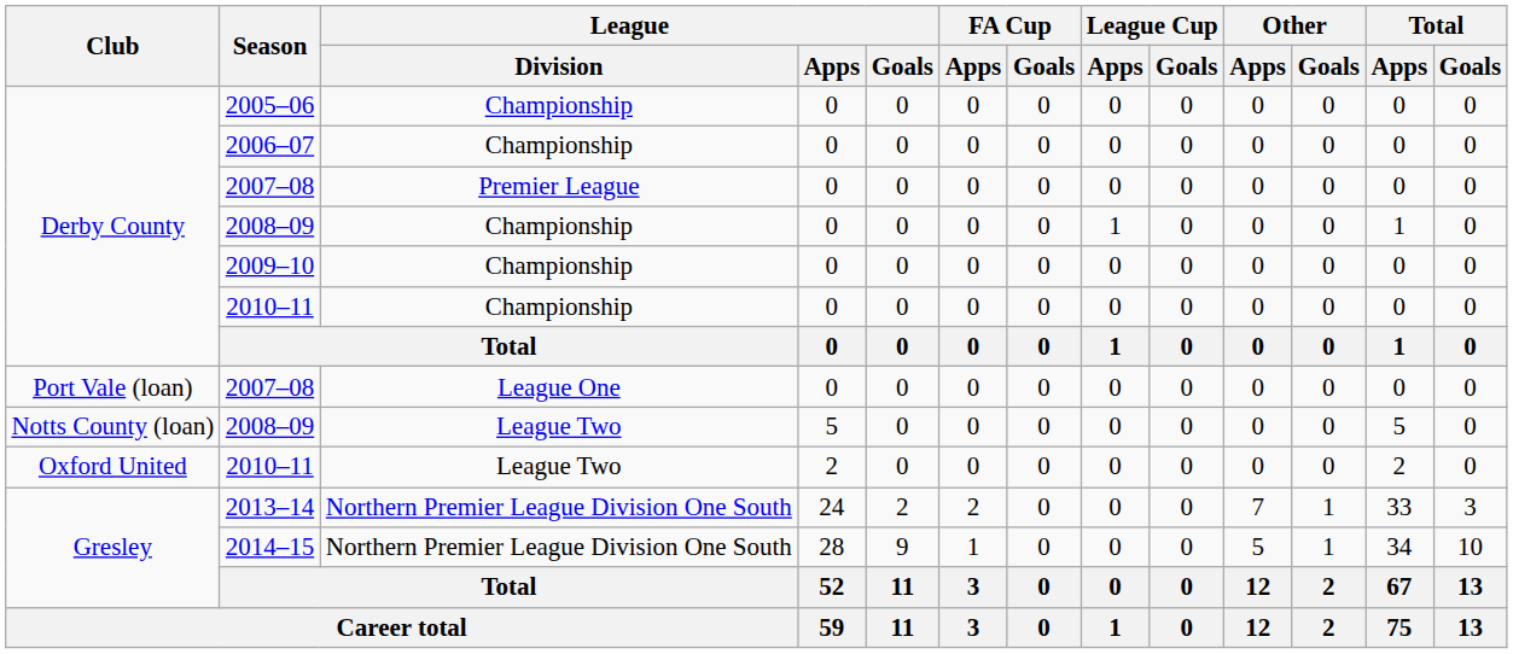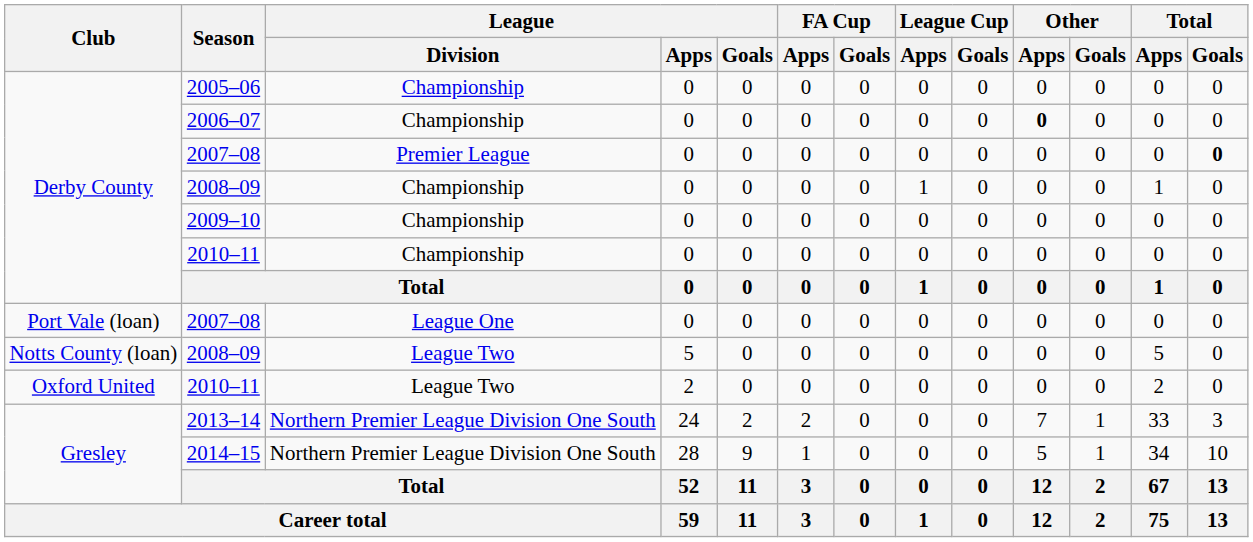 <table class="wikitable" style="text-align:center">
 <tr>
 <th rowspan="2">Club</th>
 <th rowspan="2">Season</th>
 <th colspan="3">League</th>
 <th colspan="2">FA Cup</th>
 <th colspan="2">League Cup</th>
 <th colspan="2">Other</th>
 <th colspan="2">Total</th>
 </tr>
 <tr>
 <th>Division</th>
 <th>Apps</th>
 <th>Goals</th>
 <th>Apps</th>
 <th>Goals</th>
 <th>Apps</th>
 <th>Goals</th>
 <th>Apps</th>
 <th>Goals</th>
 <th>Apps</th>
 <th>Goals</th>
 </tr>
 <tr>
 <td rowspan="7"><a href='#'>Derby County</a></td>
 <td><a href='#'>2005–06</a></td>
 <td><a href='#'>Championship</a></td>
 <td>0</td>
 <td>0</td>
 <td>0</td>
 <td>0</td>
 <td>0</td>
 <td>0</td>
 <td>0</td>
 <td>0</td>
 <td>0</td>
 <td>0</td>
 </tr>
 <tr>
 <td><a href='#'>2006–07</a></td>
 <td>Championship</td>
 <td>0</td>
 <td>0</td>
 <td>0</td>
 <td>0</td>
 <td>0</td>
 <td>0</td>
-<td>0</td>
+<td><strong>0</strong></td>
 <td>0</td>
 <td>0</td>
 <td>0</td>
 </tr>
 <tr>
 <td><a href='#'>2007–08</a></td>
 <td><a href='#'>Premier League</a></td>
 <td>0</td>
 <td>0</td>
 <td>0</td>
 <td>0</td>
 <td>0</td>
 <td>0</td>
 <td>0</td>
 <td>0</td>
 <td>0</td>
-<td>0</td>
+<td><strong>0</strong></td>
 </tr>
 <tr>
 <td><a href='#'>2008–09</a></td>
 <td>Championship</td>
 <td>0</td>
 <td>0</td>
 <td>0</td>
 <td>0</td>
 <td>1</td>
 <td>0</td>
 <td>0</td>
 <td>0</td>
 <td>1</td>
 <td>0</td>
 </tr>
 <tr>
 <td><a href='#'>2009–10</a></td>
 <td>Championship</td>
 <td>0</td>
 <td>0</td>
 <td>0</td>
 <td>0</td>
 <td>0</td>
 <td>0</td>
 <td>0</td>
 <td>0</td>
 <td>0</td>
 <td>0</td>
 </tr>
 <tr>
 <td><a href='#'>2010–11</a></td>
 <td>Championship</td>
 <td>0</td>
 <td>0</td>
 <td>0</td>
 <td>0</td>
 <td>0</td>
 <td>0</td>
 <td>0</td>
 <td>0</td>
 <td>0</td>
 <td>0</td>
 </tr>
 <tr>
 <th colspan="2">Total</th>
 <th>0</th>
 <th>0</th>
 <th>0</th>
 <th>0</th>
 <th>1</th>
 <th>0</th>
 <th>0</th>
 <th>0</th>
 <th>1</th>
 <th>0</th>
 </tr>
 <tr>
 <td><a href='#'>Port Vale</a> (loan)</td>
 <td><a href='#'>2007–08</a></td>
 <td><a href='#'>League One</a></td>
 <td>0</td>
 <td>0</td>
 <td>0</td>
 <td>0</td>
 <td>0</td>
 <td>0</td>
 <td>0</td>
 <td>0</td>
 <td>0</td>
 <td>0</td>
 </tr>
 <tr>
 <td><a href='#'>Notts County</a> (loan)</td>
 <td><a href='#'>2008–09</a></td>
 <td><a href='#'>League Two</a></td>
 <td>5</td>
 <td>0</td>
 <td>0</td>
 <td>0</td>
 <td>0</td>
 <td>0</td>
 <td>0</td>
 <td>0</td>
 <td>5</td>
 <td>0</td>
 </tr>
 <tr>
 <td><a href='#'>Oxford United</a></td>
 <td><a href='#'>2010–11</a></td>
 <td>League Two</td>
 <td>2</td>
 <td>0</td>
 <td>0</td>
 <td>0</td>
 <td>0</td>
 <td>0</td>
 <td>0</td>
 <td>0</td>
 <td>2</td>
 <td>0</td>
 </tr>
 <tr>
 <td rowspan="3"><a href='#'>Gresley</a></td>
 <td><a href='#'>2013–14</a></td>
 <td><a href='#'>Northern Premier League Division One South</a></td>
 <td>24</td>
 <td>2</td>
 <td>2</td>
 <td>0</td>
 <td>0</td>
 <td>0</td>
 <td>7</td>
 <td>1</td>
 <td>33</td>
 <td>3</td>
 </tr>
 <tr>
 <td><a href='#'>2014–15</a></td>
 <td>Northern Premier League Division One South</td>
 <td>28</td>
 <td>9</td>
 <td>1</td>
 <td>0</td>
 <td>0</td>
 <td>0</td>
 <td>5</td>
 <td>1</td>
 <td>34</td>
 <td>10</td>
 </tr>
 <tr>
 <th colspan="2">Total</th>
 <th>52</th>
 <th>11</th>
 <th>3</th>
 <th>0</th>
 <th>0</th>
 <th>0</th>
 <th>12</th>
 <th>2</th>
 <th>67</th>
 <th>13</th>
 </tr>
 <tr>
 <th colspan="3">Career total</th>
 <th>59</th>
 <th>11</th>
 <th>3</th>
 <th>0</th>
 <th>1</th>
 <th>0</th>
 <th>12</th>
 <th>2</th>
 <th>75</th>
 <th>13</th>
 </tr>
 </table>
